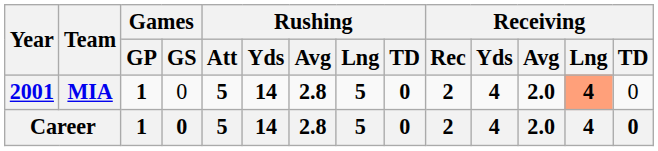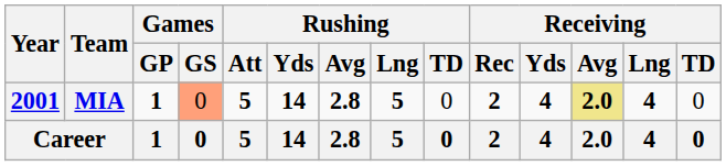 <table class="wikitable" style="text-align:center;">
 <tr>
 <th rowspan="2">Year</th>
 <th rowspan="2">Team</th>
 <th colspan="2">Games</th>
 <th colspan="5">Rushing</th>
 <th colspan="5">Receiving</th>
 </tr>
 <tr>
 <th>GP</th>
 <th>GS</th>
 <th>Att</th>
 <th>Yds</th>
 <th>Avg</th>
 <th>Lng</th>
 <th>TD</th>
 <th>Rec</th>
 <th>Yds</th>
 <th>Avg</th>
 <th>Lng</th>
 <th>TD</th>
 </tr>
 <tr>
 <th><a href='#'>2001</a></th>
 <th><a href='#'>MIA</a></th>
 <td><strong>1</strong></td>
-<td>0</td>
+<td style="background: lightsalmon;">0</td>
 <td><strong>5</strong></td>
 <td><strong>14</strong></td>
 <td><strong>2.8</strong></td>
 <td><strong>5</strong></td>
-<td><strong>0</strong></td>
+<td>0</td>
 <td><strong>2</strong></td>
 <td><strong>4</strong></td>
-<td><strong>2.0</strong></td>
-<td style="background: lightsalmon;"><strong>4</strong></td>
+<td style="background: khaki;"><strong>2.0</strong></td>
+<td><strong>4</strong></td>
 <td>0</td>
 </tr>
 <tr>
 <th colspan="2">Career</th>
 <th>1</th>
 <th>0</th>
 <th>5</th>
 <th>14</th>
 <th>2.8</th>
 <th>5</th>
 <th>0</th>
 <th>2</th>
 <th>4</th>
 <th>2.0</th>
 <th>4</th>
 <th>0</th>
 </tr>
 </table>
